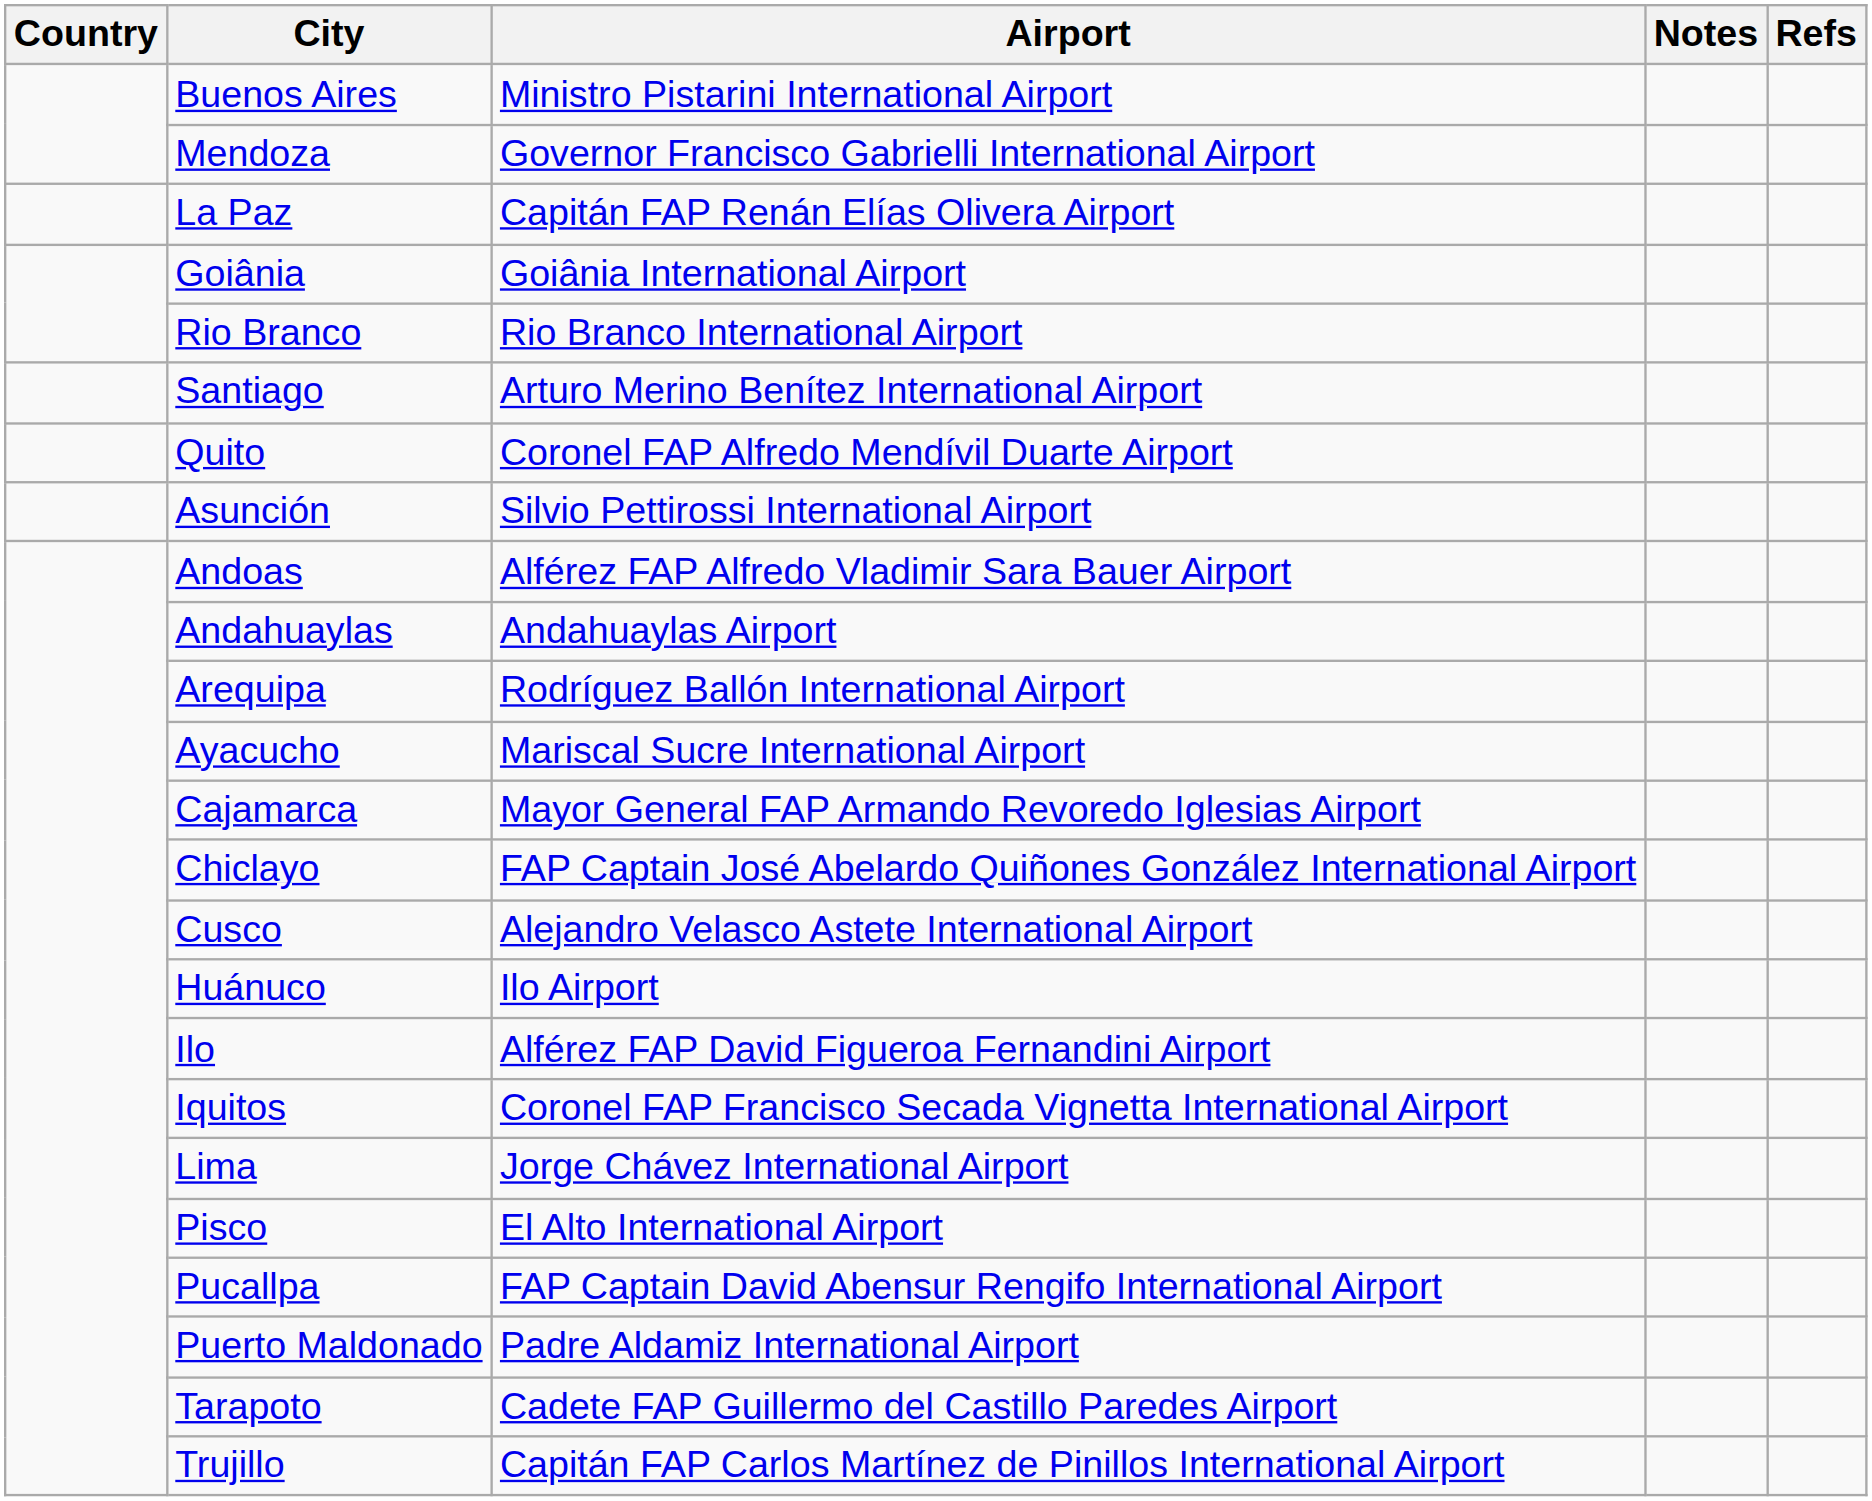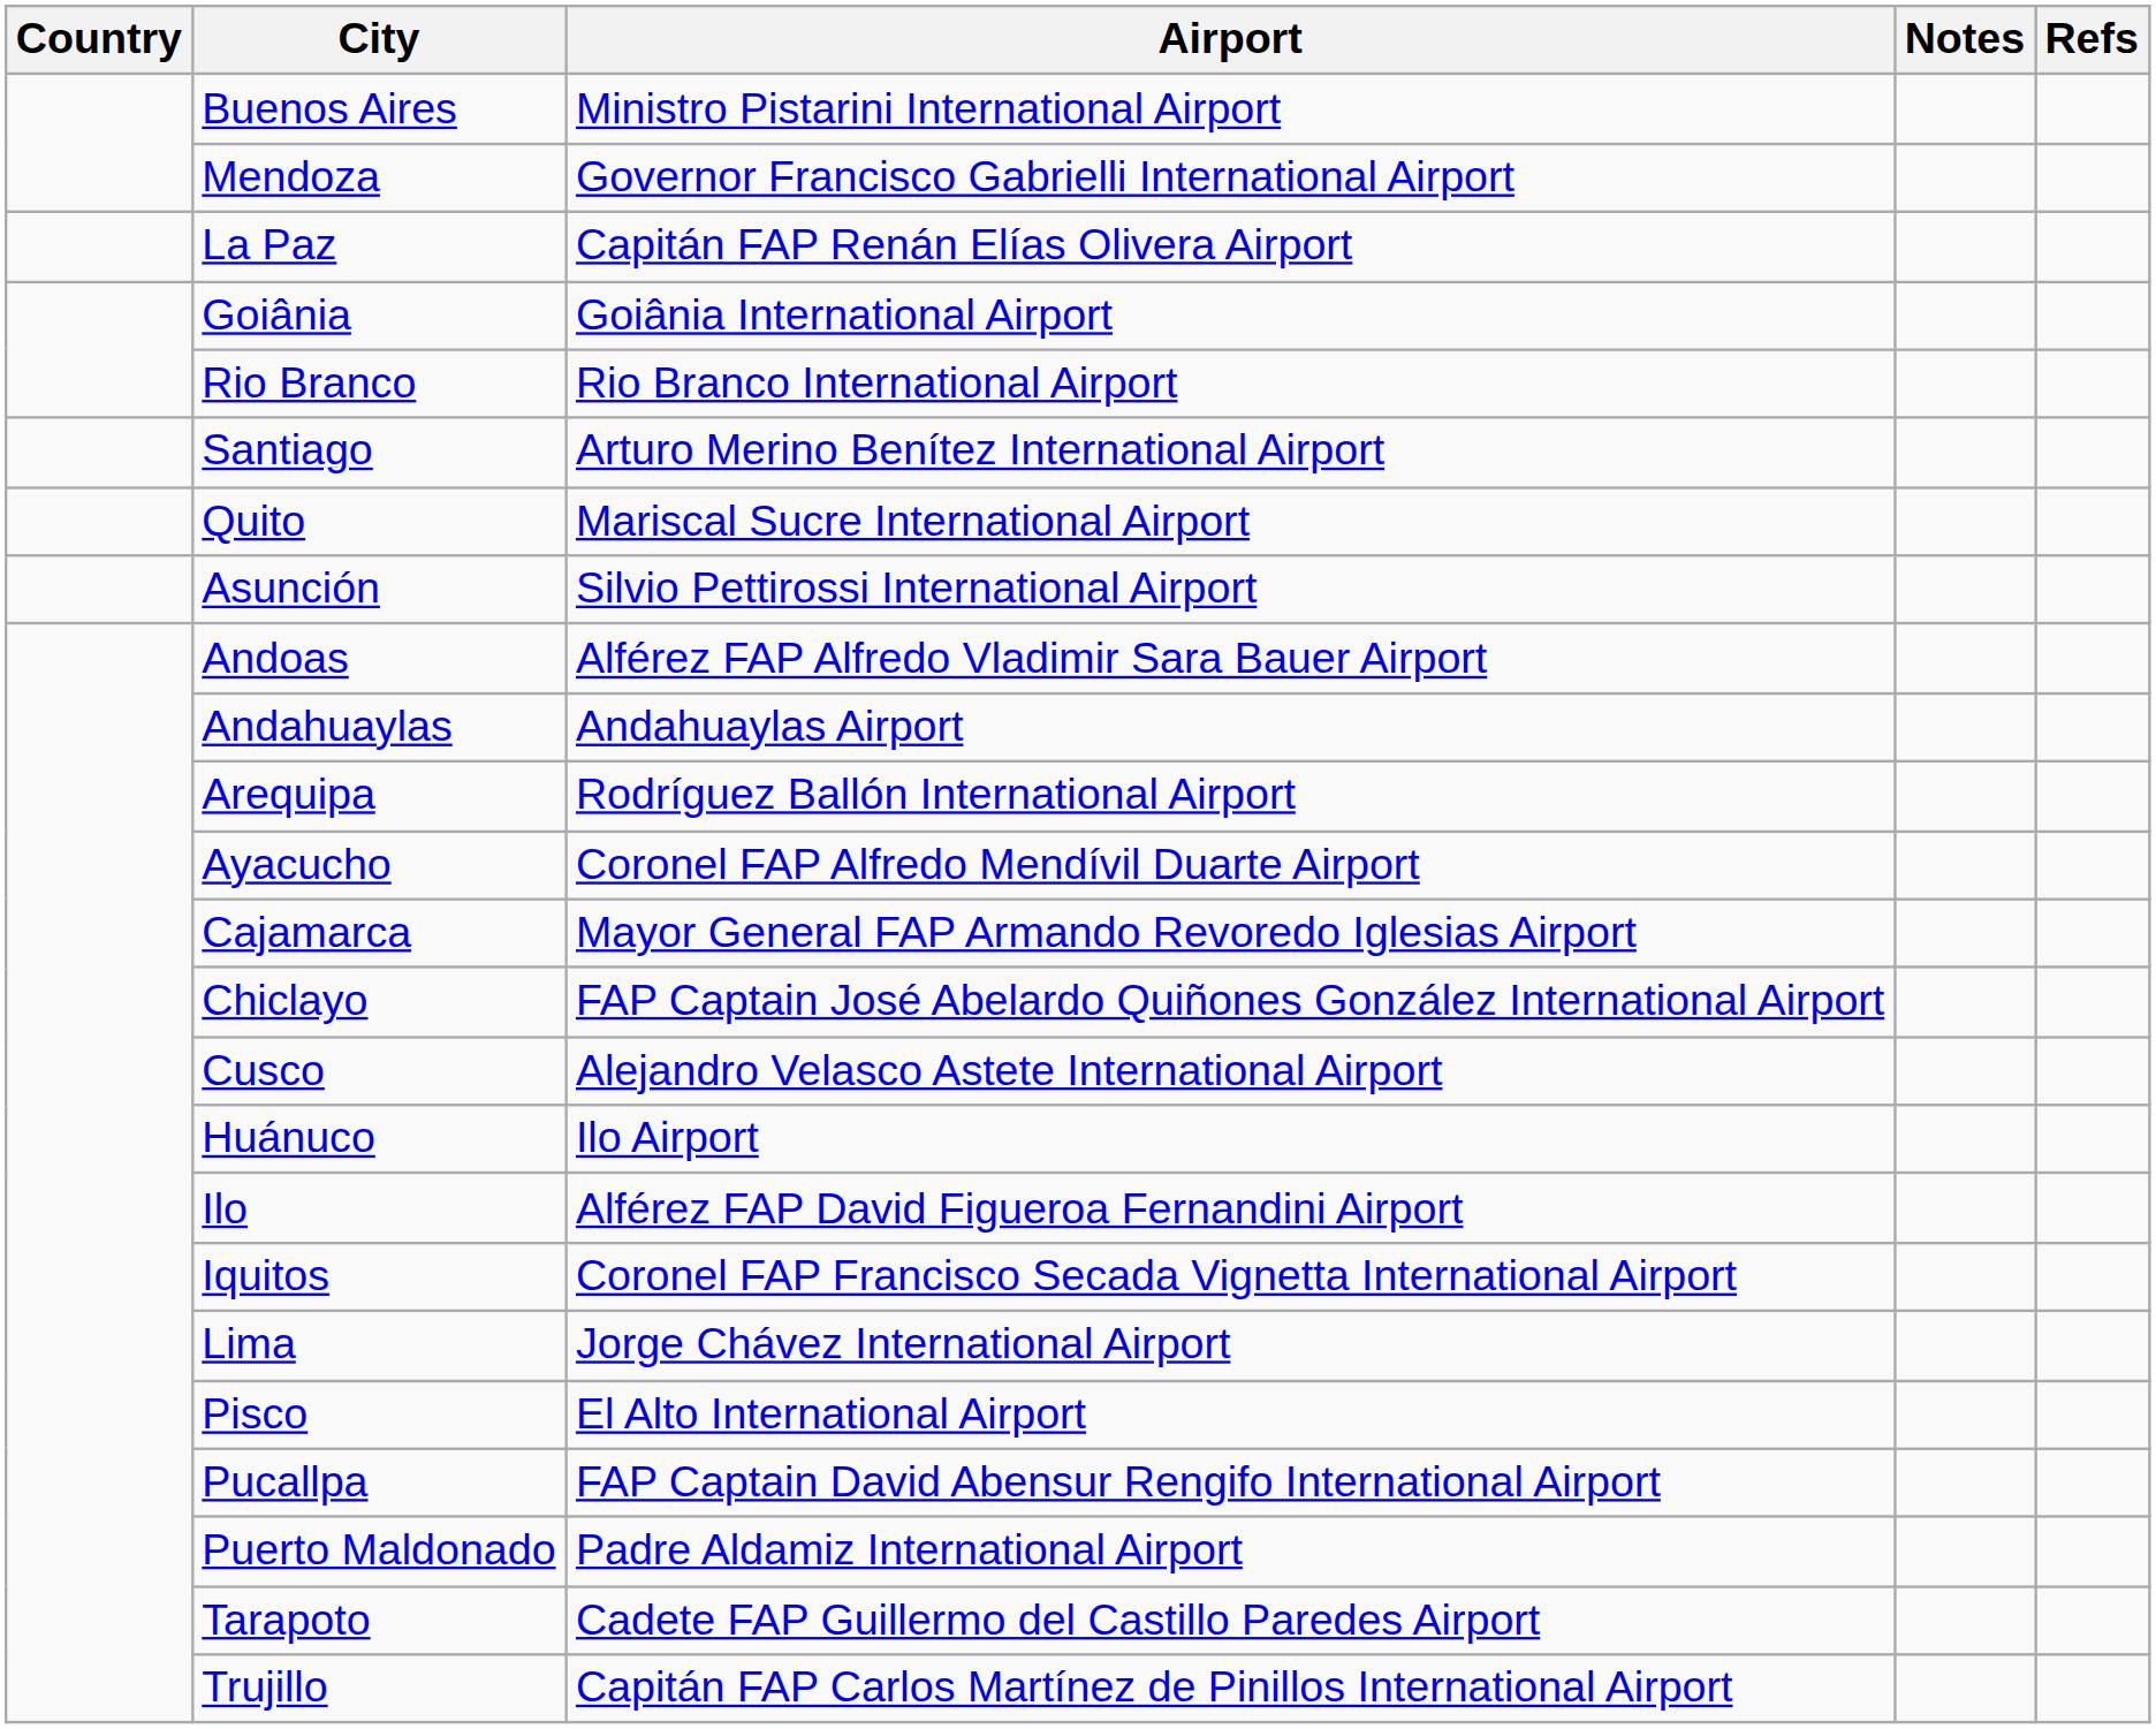 <table class="sortable wikitable">
 <tr>
 <th>Country</th>
 <th>City</th>
 <th>Airport</th>
 <th>Notes</th>
 <th class="unsortable">Refs</th>
 </tr>
 <tr>
 <td rowspan="2"></td>
 <td><a href='#'>Buenos Aires</a></td>
 <td><a href='#'>Ministro Pistarini International Airport</a></td>
 <td></td>
 <td></td>
 </tr>
 <tr>
 <td><a href='#'>Mendoza</a></td>
 <td><a href='#'>Governor Francisco Gabrielli International Airport</a></td>
 <td></td>
 <td></td>
 </tr>
 <tr>
 <td></td>
 <td><a href='#'>La Paz</a></td>
 <td><a href='#'>Capitán FAP Renán Elías Olivera Airport</a></td>
 <td></td>
 <td></td>
 </tr>
 <tr>
 <td rowspan="2"></td>
 <td><a href='#'>Goiânia</a></td>
 <td><a href='#'>Goiânia International Airport</a></td>
 <td></td>
 <td></td>
 </tr>
 <tr>
 <td><a href='#'>Rio Branco</a></td>
 <td><a href='#'>Rio Branco International Airport</a></td>
 <td></td>
 <td></td>
 </tr>
 <tr>
 <td></td>
 <td><a href='#'>Santiago</a></td>
 <td><a href='#'>Arturo Merino Benítez International Airport</a></td>
 <td></td>
 <td></td>
 </tr>
 <tr>
 <td></td>
 <td><a href='#'>Quito</a></td>
-<td><a href='#'>Coronel FAP Alfredo Mendívil Duarte Airport</a></td>
+<td><a href='#'>Mariscal Sucre International Airport</a></td>
 <td></td>
 <td></td>
 </tr>
 <tr>
 <td></td>
 <td><a href='#'>Asunción</a></td>
 <td><a href='#'>Silvio Pettirossi International Airport</a></td>
 <td></td>
 <td></td>
 </tr>
 <tr>
 <td rowspan="16"></td>
 <td><a href='#'>Andoas</a></td>
 <td><a href='#'>Alférez FAP Alfredo Vladimir Sara Bauer Airport</a></td>
 <td></td>
 <td align="center"></td>
 </tr>
 <tr>
 <td><a href='#'>Andahuaylas</a></td>
 <td><a href='#'>Andahuaylas Airport</a></td>
 <td></td>
 <td></td>
 </tr>
 <tr>
 <td><a href='#'>Arequipa</a></td>
 <td><a href='#'>Rodríguez Ballón International Airport</a></td>
 <td></td>
 <td></td>
 </tr>
 <tr>
 <td><a href='#'>Ayacucho</a></td>
-<td><a href='#'>Mariscal Sucre International Airport</a></td>
+<td><a href='#'>Coronel FAP Alfredo Mendívil Duarte Airport</a></td>
 <td></td>
 <td></td>
 </tr>
 <tr>
 <td><a href='#'>Cajamarca</a></td>
 <td><a href='#'>Mayor General FAP Armando Revoredo Iglesias Airport</a></td>
 <td></td>
 <td></td>
 </tr>
 <tr>
 <td><a href='#'>Chiclayo</a></td>
 <td><a href='#'>FAP Captain José Abelardo Quiñones González International Airport</a></td>
 <td align=center></td>
 <td></td>
 </tr>
 <tr>
 <td><a href='#'>Cusco</a></td>
 <td><a href='#'>Alejandro Velasco Astete International Airport</a></td>
 <td></td>
 <td></td>
 </tr>
 <tr>
 <td><a href='#'>Huánuco</a></td>
 <td><a href='#'>Ilo Airport</a></td>
 <td align=center></td>
 <td></td>
 </tr>
 <tr>
 <td><a href='#'>Ilo</a></td>
 <td><a href='#'>Alférez FAP David Figueroa Fernandini Airport</a></td>
 <td></td>
 <td></td>
 </tr>
 <tr>
 <td><a href='#'>Iquitos</a></td>
 <td><a href='#'>Coronel FAP Francisco Secada Vignetta International Airport</a></td>
 <td align=center></td>
 <td></td>
 </tr>
 <tr>
 <td><a href='#'>Lima</a></td>
 <td><a href='#'>Jorge Chávez International Airport</a></td>
 <td></td>
 <td></td>
 </tr>
 <tr>
 <td><a href='#'>Pisco</a></td>
 <td><a href='#'>El Alto International Airport</a></td>
 <td></td>
 <td></td>
 </tr>
 <tr>
 <td><a href='#'>Pucallpa</a></td>
 <td><a href='#'>FAP Captain David Abensur Rengifo International Airport</a></td>
 <td></td>
 <td></td>
 </tr>
 <tr>
 <td><a href='#'>Puerto Maldonado</a></td>
 <td><a href='#'>Padre Aldamiz International Airport</a></td>
 <td></td>
 <td></td>
 </tr>
 <tr>
 <td><a href='#'>Tarapoto</a></td>
 <td><a href='#'>Cadete FAP Guillermo del Castillo Paredes Airport</a></td>
 <td align="center"></td>
 <td></td>
 </tr>
 <tr>
 <td><a href='#'>Trujillo</a></td>
 <td><a href='#'>Capitán FAP Carlos Martínez de Pinillos International Airport</a></td>
 <td></td>
 <td align=center></td>
 </tr>
 </table>
